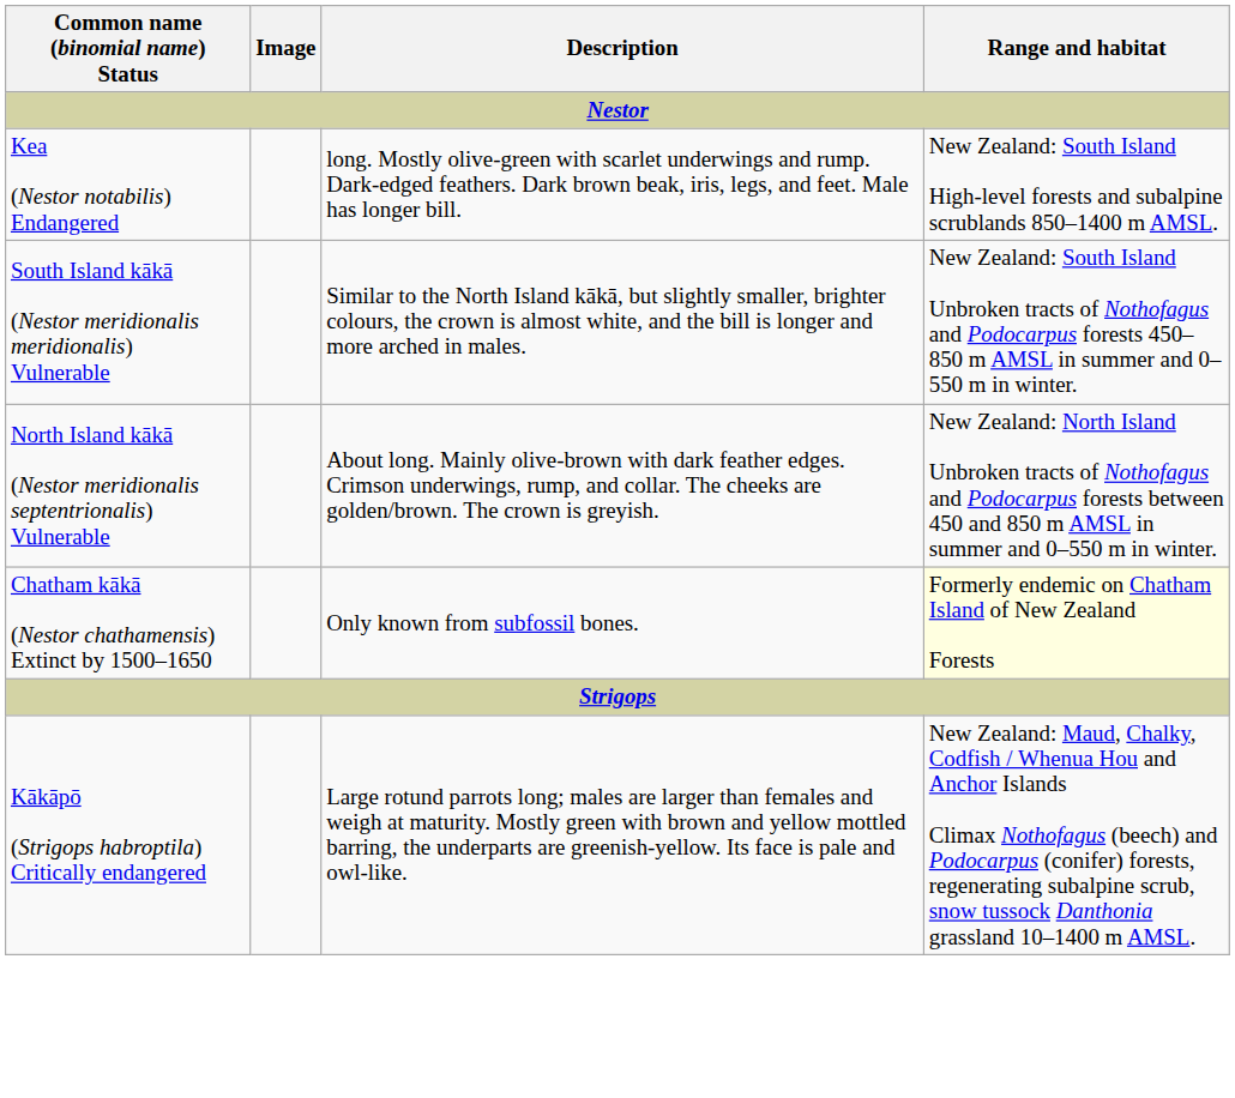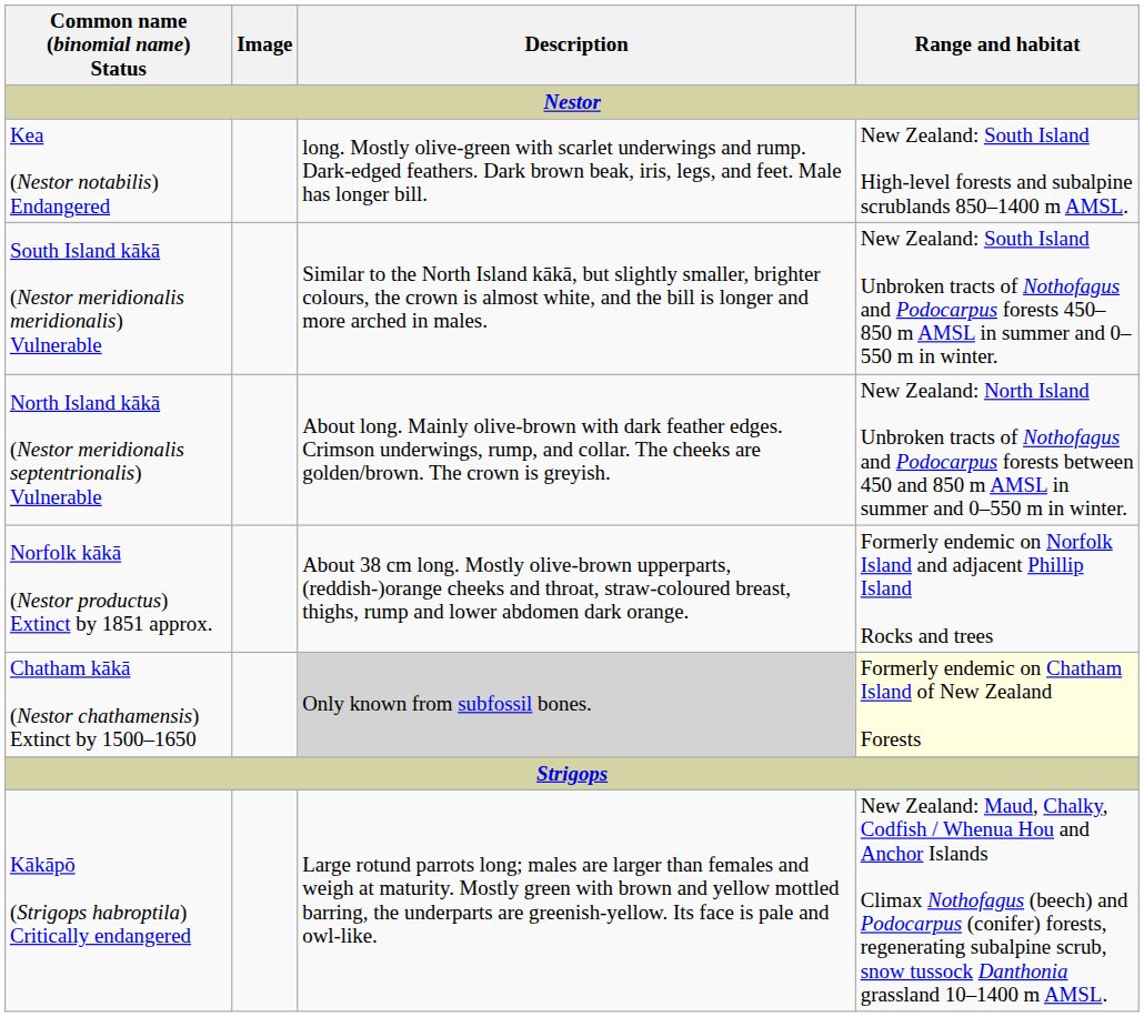 <table style="width:98%;" class="wikitable" border="1">
 <tr>
 <th width = "20%">Common name<br>(<em>binomial name</em>)<br>Status</th>
 <th>Image</th>
 <th align="center">Description</th>
 <th width = "25%">Range and habitat</th>
 </tr>
 <tr>
 <th align="center" style="background-color: #D3D3A4" colspan ="4"><strong><em><a href='#'>Nestor</a></em></strong></th>
 </tr>
 <tr>
 <td><a href='#'>Kea</a><br><br>(<em>Nestor notabilis</em>)<br> <a href='#'>Endangered</a></td>
 <td></td>
 <td> long. Mostly olive-green with scarlet underwings and rump. Dark-edged feathers. Dark brown beak, iris, legs, and feet. Male has longer bill.</td>
 <td>New Zealand: <a href='#'>South Island</a><br><br>High-level forests and subalpine scrublands 850–1400 m <a href='#'>AMSL</a>.</td>
 </tr>
 <tr>
 <td><a href='#'>South Island kākā</a><br><br>(<em>Nestor meridionalis meridionalis</em>)<br> <a href='#'>Vulnerable</a></td>
 <td></td>
 <td>Similar to the North Island kākā, but slightly smaller, brighter colours, the crown is almost white, and the bill is longer and more arched in males.</td>
 <td>New Zealand: <a href='#'>South Island</a><br><br>Unbroken tracts of <em><a href='#'>Nothofagus</a></em> and <em><a href='#'>Podocarpus</a></em> forests 450–850 m <a href='#'>AMSL</a> in summer and 0–550 m in winter.</td>
 </tr>
 <tr>
 <td><a href='#'>North Island kākā</a><br><br>(<em>Nestor meridionalis septentrionalis</em>)<br> <a href='#'>Vulnerable</a></td>
 <td></td>
 <td>About  long. Mainly olive-brown with dark feather edges. Crimson underwings, rump, and collar. The cheeks are golden/brown. The crown is greyish.</td>
 <td>New Zealand: <a href='#'>North Island</a><br><br>Unbroken tracts of <em><a href='#'>Nothofagus</a></em> and <em><a href='#'>Podocarpus</a></em> forests between 450 and 850 m <a href='#'>AMSL</a> in summer and 0–550 m in winter.</td>
 </tr>
 <tr>
+<td><a href='#'>Norfolk kākā</a><br><br>(<em>Nestor productus</em>)<br> <a href='#'>Extinct</a> by 1851 approx.</td>
+<td></td>
+<td>About 38 cm long. Mostly olive-brown upperparts, (reddish-)orange cheeks and throat, straw-coloured breast, thighs, rump and lower abdomen dark orange.</td>
+<td>Formerly endemic on <a href='#'>Norfolk Island</a> and adjacent <a href='#'>Phillip Island</a><br><br>Rocks and trees</td>
+</tr>
+<tr>
 <td><a href='#'>Chatham kākā</a><br><br>(<em>Nestor chathamensis</em>)<br> Extinct by 1500–1650</td>
 <td></td>
-<td>Only known from <a href='#'>subfossil</a> bones.</td>
+<td style="background: lightgrey;">Only known from <a href='#'>subfossil</a> bones.</td>
 <td style="background: lightyellow;">Formerly endemic on <a href='#'>Chatham Island</a> of New Zealand<br><br>Forests</td>
 </tr>
 <tr>
 <th align="center" style="background-color: #D3D3A4" colspan ="4"><strong><em><a href='#'>Strigops</a></em></strong></th>
 </tr>
 <tr>
 <td><a href='#'>Kākāpō</a><br><br>(<em>Strigops habroptila</em>)<br> <a href='#'>Critically endangered</a></td>
 <td></td>
 <td>Large rotund parrots  long; males are larger than females and weigh  at maturity. Mostly green with brown and yellow mottled barring, the underparts are greenish-yellow. Its face is pale and owl-like.</td>
 <td>New Zealand: <a href='#'>Maud</a>, <a href='#'>Chalky</a>, <a href='#'>Codfish / Whenua Hou</a> and <a href='#'>Anchor</a> Islands<br> <br>Climax <em><a href='#'>Nothofagus</a></em> (beech) and <em><a href='#'>Podocarpus</a></em> (conifer) forests, regenerating subalpine scrub, <a href='#'>snow tussock</a> <em><a href='#'>Danthonia</a></em> grassland 10–1400 m <a href='#'>AMSL</a>.</td>
 </tr>
 </table>
